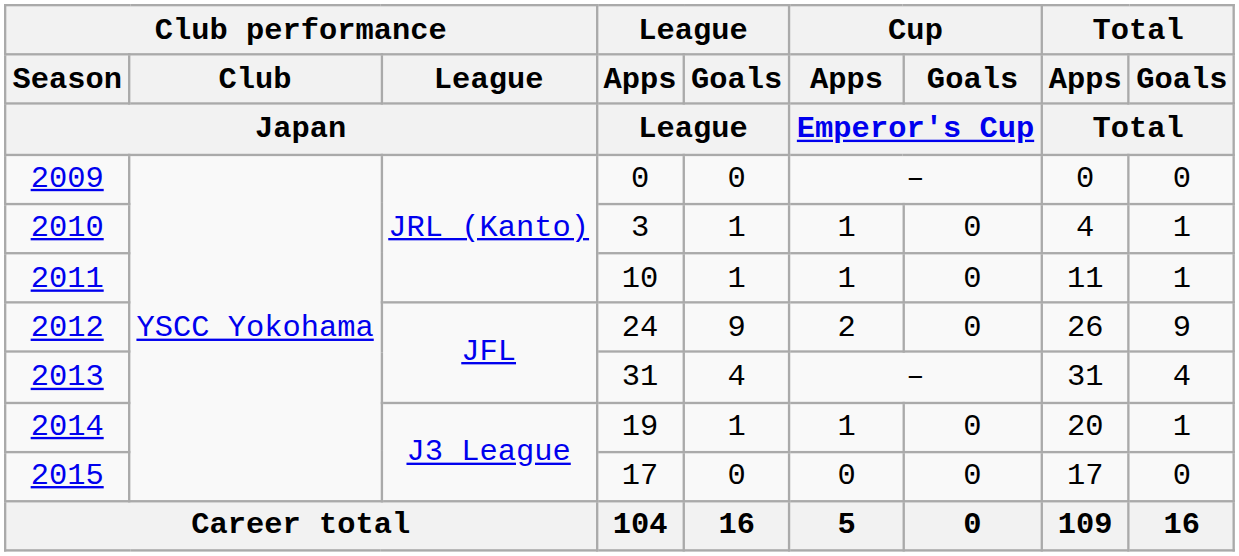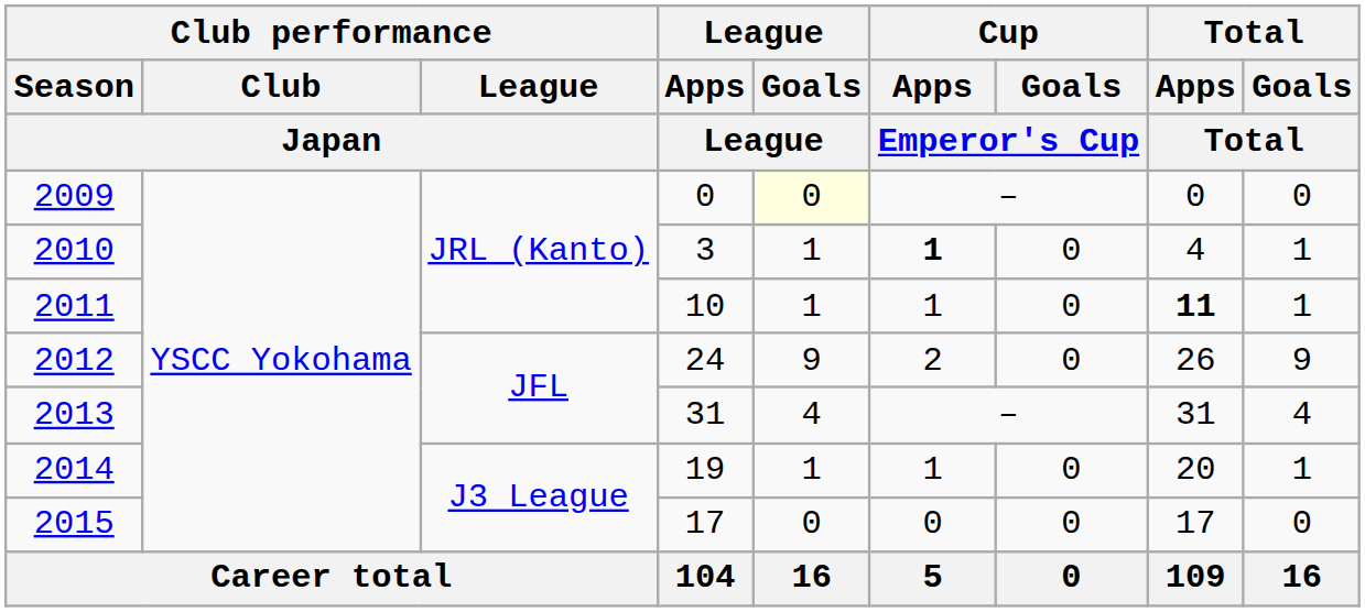 <table class="wikitable" style="text-align:center">
 <tr>
 <th colspan=3>Club performance</th>
 <th colspan=2>League</th>
 <th colspan=2>Cup</th>
 <th colspan=2>Total</th>
 </tr>
 <tr>
 <th>Season</th>
 <th>Club</th>
 <th>League</th>
 <th>Apps</th>
 <th>Goals</th>
 <th>Apps</th>
 <th>Goals</th>
 <th>Apps</th>
 <th>Goals</th>
 </tr>
 <tr>
 <th colspan=3>Japan</th>
 <th colspan=2>League</th>
 <th colspan=2><a href='#'>Emperor's Cup</a></th>
 <th colspan=2>Total</th>
 </tr>
 <tr>
 <td><a href='#'>2009</a></td>
 <td rowspan="7"><a href='#'>YSCC Yokohama</a></td>
 <td rowspan="3"><a href='#'>JRL (Kanto)</a></td>
 <td>0</td>
-<td>0</td>
+<td style="background: lightyellow;">0</td>
 <td colspan="2">–</td>
 <td>0</td>
 <td>0</td>
 </tr>
 <tr>
 <td><a href='#'>2010</a></td>
 <td>3</td>
 <td>1</td>
-<td>1</td>
+<td><strong>1</strong></td>
 <td>0</td>
 <td>4</td>
 <td>1</td>
 </tr>
 <tr>
 <td><a href='#'>2011</a></td>
 <td>10</td>
 <td>1</td>
 <td>1</td>
 <td>0</td>
-<td>11</td>
+<td><strong>11</strong></td>
 <td>1</td>
 </tr>
 <tr>
 <td><a href='#'>2012</a></td>
 <td rowspan="2"><a href='#'>JFL</a></td>
 <td>24</td>
 <td>9</td>
 <td>2</td>
 <td>0</td>
 <td>26</td>
 <td>9</td>
 </tr>
 <tr>
 <td><a href='#'>2013</a></td>
 <td>31</td>
 <td>4</td>
 <td colspan="2">–</td>
 <td>31</td>
 <td>4</td>
 </tr>
 <tr>
 <td><a href='#'>2014</a></td>
 <td rowspan="2"><a href='#'>J3 League</a></td>
 <td>19</td>
 <td>1</td>
 <td>1</td>
 <td>0</td>
 <td>20</td>
 <td>1</td>
 </tr>
 <tr>
 <td><a href='#'>2015</a></td>
 <td>17</td>
 <td>0</td>
 <td>0</td>
 <td>0</td>
 <td>17</td>
 <td>0</td>
 </tr>
 <tr>
 <th colspan=3>Career total</th>
 <th>104</th>
 <th>16</th>
 <th>5</th>
 <th>0</th>
 <th>109</th>
 <th>16</th>
 </tr>
 </table>
